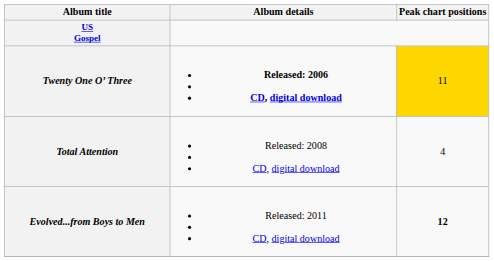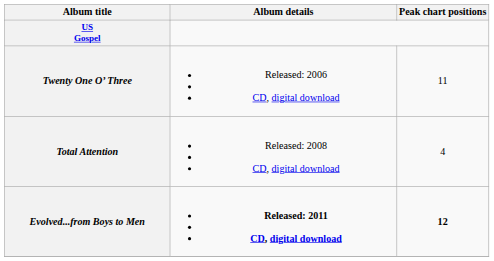 <table class="wikitable plainrowheaders" style="text-align:center;">
 <tr>
 <th scope="col" rowspan="2" style="width:16em;">Album title</th>
 <th scope="col" rowspan="2" style="width:22em;">Album details</th>
 <th scope="col" colspan="4">Peak chart positions</th>
 </tr>
 <tr>
 </tr>
 <tr>
 <th style="width:4em; font-size:90%"><a href='#'>US<br>Gospel</a></th>
 </tr>
 <tr>
 <th scope="row"><em>Twenty One O’ Three</em></th>
-<td><strong><br><ul><li>Released: 2006</li><li></li><li><a href='#'>CD</a>, <a href='#'>digital download</a></li></ul></strong></td>
-<td style="background: gold;">11</td>
+<td><br><ul><li>Released: 2006</li><li></li><li><a href='#'>CD</a>, <a href='#'>digital download</a></li></ul></td>
+<td>11</td>
 </tr>
 <tr>
 <th scope="row"><em>Total Attention</em></th>
 <td><br><ul><li>Released: 2008</li><li></li><li><a href='#'>CD</a>, <a href='#'>digital download</a></li></ul></td>
 <td>4</td>
 </tr>
 <tr>
 <th scope="row"><em>Evolved...from Boys to Men</em></th>
-<td><br><ul><li>Released: 2011</li><li></li><li><a href='#'>CD</a>, <a href='#'>digital download</a></li></ul></td>
+<td><strong><br><ul><li>Released: 2011</li><li></li><li><a href='#'>CD</a>, <a href='#'>digital download</a></li></ul></strong></td>
 <td><strong>12</strong></td>
 </tr>
 <tr>
 </tr>
 </table>
